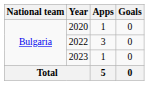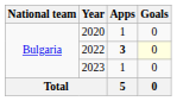 <table class="wikitable" style="text-align:center">
 <tr>
 <th>National team</th>
 <th>Year</th>
 <th>Apps</th>
 <th>Goals</th>
 </tr>
 <tr>
 <td rowspan="3"><a href='#'>Bulgaria</a></td>
 <td>2020</td>
 <td>1</td>
 <td>0</td>
 </tr>
 <tr>
 <td>2022</td>
-<td>3</td>
-<td>0</td>
+<td><strong>3</strong></td>
+<td style="background: lightyellow;">0</td>
 </tr>
 <tr>
 <td>2023</td>
 <td>1</td>
 <td>0</td>
 </tr>
 <tr>
 <th colspan="2">Total</th>
 <th>5</th>
 <th>0</th>
 </tr>
 </table>
